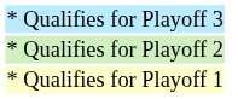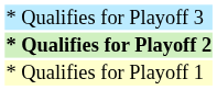 <table>
 <tr style="background: #BBEBFF;">
 <td>* Qualifies for Playoff 3</td>
 </tr>
 <tr style="background: #D0F0C0;">
-<td>* Qualifies for Playoff 2</td>
+<td><strong>* Qualifies for Playoff 2</strong></td>
 </tr>
 <tr style="background: #FFFFCC;">
 <td>* Qualifies for Playoff 1</td>
 </tr>
 </table>
